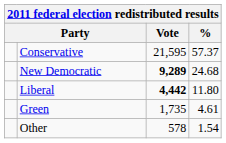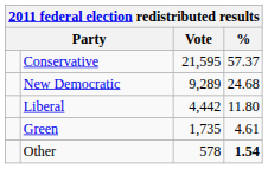 <table class="wikitable">
 <tr>
 <th colspan="4"><a href='#'>2011 federal election</a> redistributed results</th>
 </tr>
 <tr>
 <th bgcolor="#DDDDFF" width="130px" colspan="2">Party</th>
 <th bgcolor="#DDDDFF" width="50px">Vote</th>
 <th bgcolor="#DDDDFF" width="30px">%</th>
 </tr>
 <tr>
 <td> </td>
 <td><a href='#'>Conservative</a></td>
 <td align=right>21,595</td>
 <td align=right>57.37</td>
 </tr>
 <tr>
 <td> </td>
 <td><a href='#'>New Democratic</a></td>
-<td align=right><strong>9,289</strong></td>
+<td align=right>9,289</td>
 <td align=right>24.68</td>
 </tr>
 <tr>
 <td> </td>
 <td><a href='#'>Liberal</a></td>
-<td align=right><strong>4,442</strong></td>
+<td align=right>4,442</td>
 <td align=right>11.80</td>
 </tr>
 <tr>
 <td> </td>
 <td><a href='#'>Green</a></td>
 <td align=right>1,735</td>
 <td align=right>4.61</td>
 </tr>
 <tr>
 <td> </td>
 <td>Other</td>
 <td align=right>578</td>
-<td align=right>1.54</td>
+<td align=right><strong>1.54</strong></td>
 </tr>
 </table>
